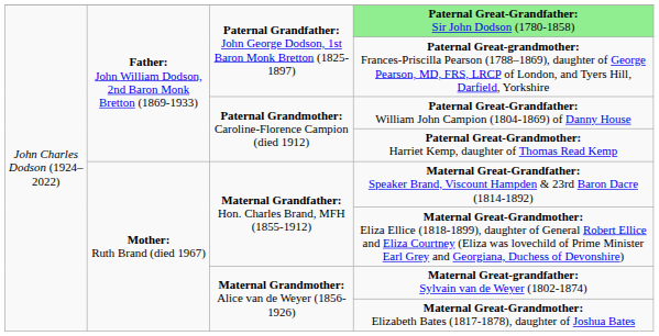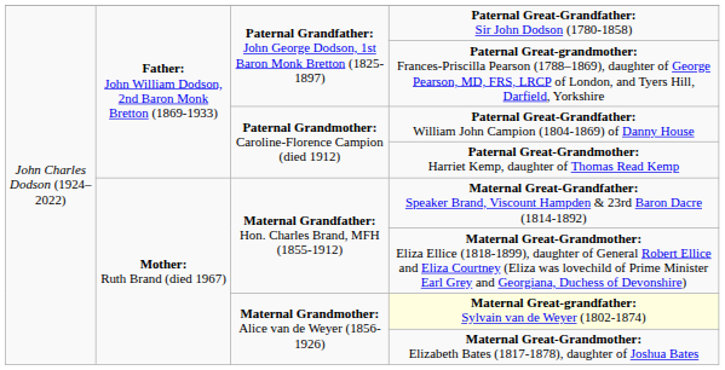 <table class="wikitable">
 <tr>
 </tr>
 <tr>
 <td rowspan="8" align="center"><em>John Charles Dodson</em> (1924–2022)</td>
 <td rowspan="4" align="center"><strong>Father:</strong><br><a href='#'>John William Dodson, 2nd Baron Monk Bretton</a> (1869-1933)</td>
 <td rowspan="2" align="center"><strong>Paternal Grandfather:</strong><br><a href='#'>John George Dodson, 1st Baron Monk Bretton</a> (1825-1897)</td>
-<td align="center" style="background: lightgreen;"><strong>Paternal Great-Grandfather:</strong><br><a href='#'>Sir John Dodson</a> (1780-1858)</td>
+<td align="center"><strong>Paternal Great-Grandfather:</strong><br><a href='#'>Sir John Dodson</a> (1780-1858)</td>
 </tr>
 <tr>
 <td align="center"><strong>Paternal Great-grandmother:</strong><br>Frances-Priscilla Pearson (1788–1869), daughter of <a href='#'>George Pearson, MD, FRS, LRCP</a> of London, and Tyers Hill, <a href='#'>Darfield</a>, Yorkshire</td>
 </tr>
 <tr>
 <td rowspan="2" align="center"><strong>Paternal Grandmother:</strong><br>Caroline-Florence Campion (died 1912)</td>
 <td align="center"><strong>Paternal Great-Grandfather:</strong><br>William John Campion (1804-1869) of <a href='#'>Danny House</a></td>
 </tr>
 <tr>
 <td align="center"><strong>Paternal Great-Grandmother:</strong><br>Harriet Kemp, daughter of <a href='#'>Thomas Read Kemp</a></td>
 </tr>
 <tr>
 <td rowspan="4" align="center"><strong>Mother:</strong><br>Ruth Brand (died 1967)</td>
 <td rowspan="2" align="center"><strong>Maternal Grandfather:</strong><br>Hon. Charles Brand, MFH (1855-1912)</td>
 <td align="center"><strong>Maternal Great-Grandfather:</strong><br><a href='#'>Speaker Brand, Viscount Hampden</a> & 23rd <a href='#'>Baron Dacre</a> (1814-1892)</td>
 </tr>
 <tr>
 <td align="center"><strong>Maternal Great-Grandmother:</strong><br>Eliza Ellice (1818-1899), daughter of General <a href='#'>Robert Ellice</a> and <a href='#'>Eliza Courtney</a> (Eliza was lovechild of Prime Minister <a href='#'>Earl Grey</a> and <a href='#'>Georgiana, Duchess of Devonshire</a>)</td>
 </tr>
 <tr>
 <td rowspan="2" align="center"><strong>Maternal Grandmother:</strong><br>Alice van de Weyer (1856-1926)</td>
-<td align="center"><strong>Maternal Great-grandfather:</strong><br><a href='#'>Sylvain van de Weyer</a> (1802-1874)</td>
+<td align="center" style="background: lightyellow;"><strong>Maternal Great-grandfather:</strong><br><a href='#'>Sylvain van de Weyer</a> (1802-1874)</td>
 </tr>
 <tr>
 <td align="center"><strong>Maternal Great-Grandmother:</strong><br>Elizabeth Bates (1817-1878), daughter of <a href='#'>Joshua Bates</a></td>
 </tr>
 </table>
